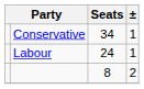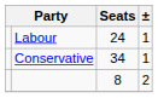 <table class="sortable wikitable">
 <tr>
 <th colspan="2">Party</th>
 <th>Seats</th>
 <th>±</th>
 </tr>
 <tr>
 <td style="background-color: "></td>
-<td><a href='#'>Conservative</a></td>
-<td align="center">34</td>
+<td><a href='#'>Labour</a></td>
+<td align="center">24</td>
 <td align="center">1</td>
 </tr>
 <tr>
 <td style="background-color: "></td>
-<td><a href='#'>Labour</a></td>
-<td align="center">24</td>
+<td><a href='#'>Conservative</a></td>
+<td align="center">34</td>
 <td align="center">1</td>
 </tr>
 <tr>
 <td style="background-color: "></td>
 <td><a href='#'></a></td>
 <td align="center">8</td>
 <td align="center">2</td>
 </tr>
 <tr>
 </tr>
 </table>
